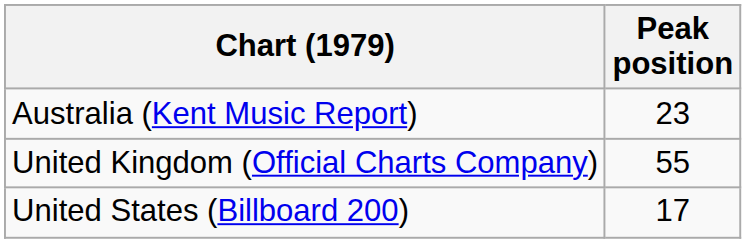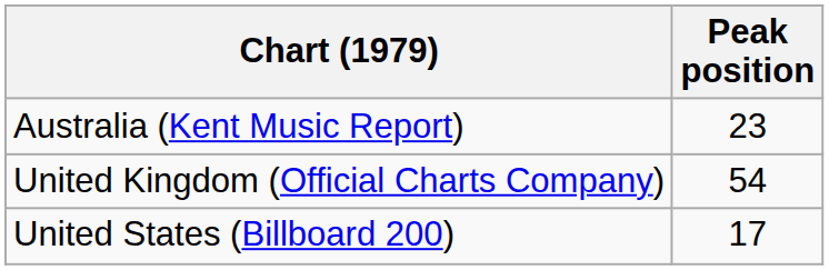 <table class="wikitable">
 <tr>
 <th scope="col">Chart (1979)</th>
 <th>Peak<br>position</th>
 </tr>
 <tr>
 <td>Australia (<a href='#'>Kent Music Report</a>)</td>
 <td style="text-align:center;">23</td>
 </tr>
 <tr>
 <td>United Kingdom (<a href='#'>Official Charts Company</a>)</td>
-<td style="text-align:center;">55</td>
+<td style="text-align:center;">54</td>
 </tr>
 <tr>
 <td>United States (<a href='#'>Billboard 200</a>)</td>
 <td style="text-align:center;">17</td>
 </tr>
 </table>
